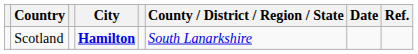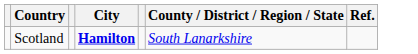 <table class="wikitable">
 <tr +>
 <th style="background:"></th>
 <th style="height:17px; background: width:120px;"><span>Country</span></th>
 <th style="background:"></th>
 <th style="background:  width:130px;"><span> City</span></th>
 <th style="background:"></th>
 <th style="background: width:110px;"><span> County / District / Region / State</span></th>
-<th style="background: width:40px;"><span> Date</span></th>
 <th style="background: width:40px;"><span> Ref.</span></th>
 </tr>
 <tr>
 <td Colspan=1></td>
 <td Colspan=1>Scotland</td>
 <td Colspan=1></td>
 <td Colspan=1><strong><a href='#'>Hamilton</a></strong></td>
 <td Colspan=1></td>
 <td Colspan=1><em><a href='#'>South Lanarkshire</a></em></td>
 <td Colspan=1></td>
-<td Colspan=1></td>
 </tr>
 </table>
